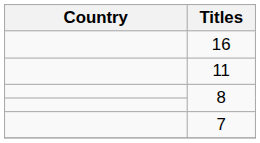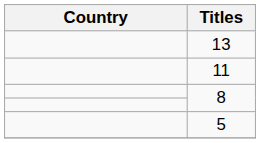 <table class="wikitable sortable" style="text-align:left" width="240px">
 <tr>
 <th width=180px>Country</th>
 <th width=60px>Titles</th>
 </tr>
 <tr>
 <td></td>
-<td align=center>16</td>
+<td align=center>13</td>
 </tr>
 <tr>
 <td></td>
 <td align=center>11</td>
 </tr>
 <tr>
 <td></td>
 <td rowspan=2 style="text-align:center">8</td>
 </tr>
 <tr>
 <td></td>
 </tr>
 <tr>
 <td></td>
-<td align=center>7</td>
+<td align=center>5</td>
 </tr>
 <tr>
 </tr>
 </table>
